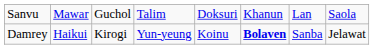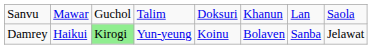 <table class="wikitable">
 <tr>
 <td>Sanvu</td>
 <td><a href='#'>Mawar</a></td>
 <td>Guchol</td>
 <td><a href='#'>Talim</a></td>
 <td><a href='#'>Doksuri</a></td>
 <td><a href='#'>Khanun</a></td>
 <td><a href='#'>Lan</a></td>
 <td><a href='#'>Saola</a></td>
 </tr>
 <tr>
 <td>Damrey</td>
 <td><a href='#'>Haikui</a></td>
-<td>Kirogi</td>
+<td style="background: lightgreen;">Kirogi</td>
 <td><a href='#'>Yun-yeung</a></td>
 <td><a href='#'>Koinu</a></td>
-<td><strong><a href='#'>Bolaven</a></strong></td>
+<td><a href='#'>Bolaven</a></td>
 <td><a href='#'>Sanba</a></td>
 <td>Jelawat</td>
 </tr>
 </table>
